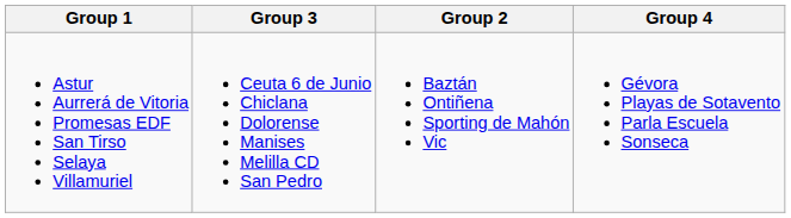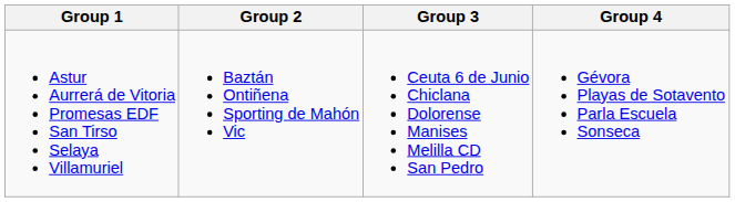 <table class="wikitable">
 <tr>
 <th>Group 1</th>
+<th>Group 2</th>
 <th>Group 3</th>
-<th>Group 2</th>
 <th>Group 4</th>
 </tr>
 <tr valign=top>
 <td><br><ul><li><a href='#'>Astur</a></li><li><a href='#'>Aurrerá de Vitoria</a></li><li><a href='#'>Promesas EDF</a></li><li><a href='#'>San Tirso</a></li><li><a href='#'>Selaya</a></li><li><a href='#'>Villamuriel</a></li></ul></td>
+<td><br><ul><li><a href='#'>Baztán</a></li><li><a href='#'>Ontiñena</a></li><li><a href='#'>Sporting de Mahón</a></li><li><a href='#'>Vic</a></li></ul></td>
 <td><br><ul><li><a href='#'>Ceuta 6 de Junio</a></li><li><a href='#'>Chiclana</a></li><li><a href='#'>Dolorense</a></li><li><a href='#'>Manises</a></li><li><a href='#'>Melilla CD</a></li><li><a href='#'>San Pedro</a></li></ul></td>
-<td><br><ul><li><a href='#'>Baztán</a></li><li><a href='#'>Ontiñena</a></li><li><a href='#'>Sporting de Mahón</a></li><li><a href='#'>Vic</a></li></ul></td>
 <td><br><ul><li><a href='#'>Gévora</a></li><li><a href='#'>Playas de Sotavento</a></li><li><a href='#'>Parla Escuela</a></li><li><a href='#'>Sonseca</a></li></ul></td>
 </tr>
 </table>
